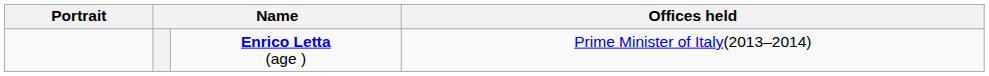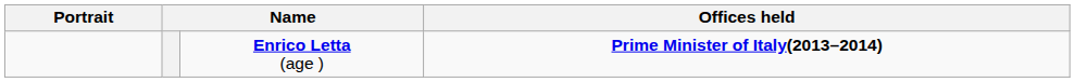 <table class="wikitable" style="text-align:center; width:80%; border:1px #AAAAFF solid">
 <tr>
 <th>Portrait</th>
 <th colspan=2>Name</th>
 <th>Offices held</th>
 </tr>
 <tr>
 <td></td>
 <th style="background-color:"></th>
 <td><strong><a href='#'>Enrico Letta</a></strong><br>(age )</td>
-<td><a href='#'>Prime Minister of Italy</a>(2013–2014)<br><br></td>
+<td><strong><a href='#'>Prime Minister of Italy</a>(2013–2014)<br><br></strong></td>
 </tr>
 </table>
